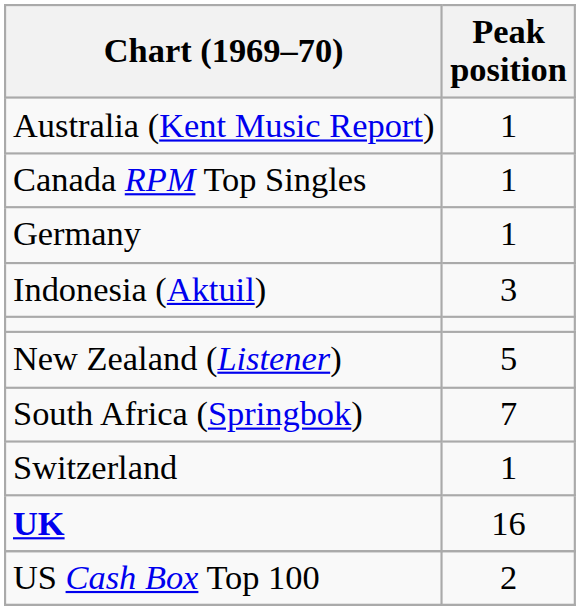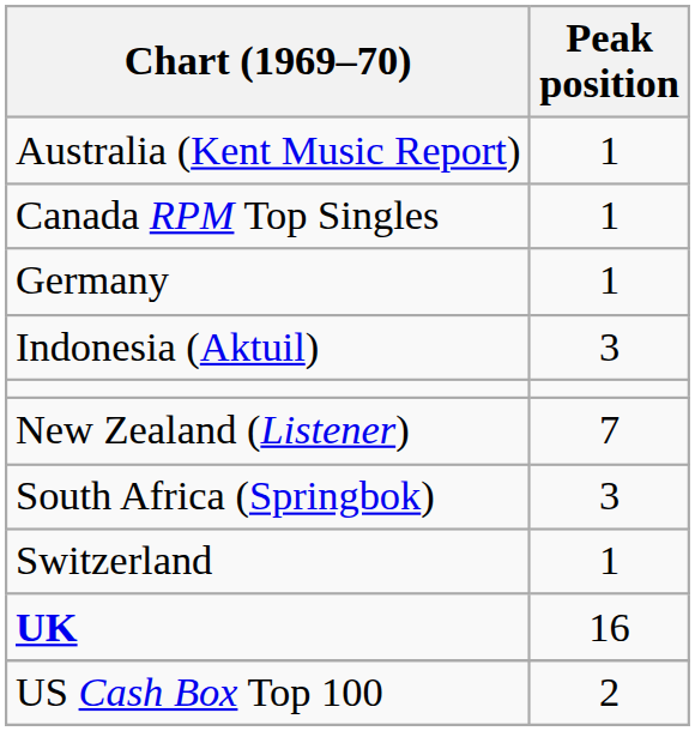 <table class="wikitable sortable">
 <tr>
 <th>Chart (1969–70)</th>
 <th>Peak<br>position</th>
 </tr>
 <tr>
 <td>Australia (<a href='#'>Kent Music Report</a>)</td>
 <td style="text-align:center;">1</td>
 </tr>
 <tr>
 <td>Canada <em><a href='#'>RPM</a></em> Top Singles</td>
 <td style="text-align:center;">1</td>
 </tr>
 <tr>
 <td>Germany</td>
 <td style="text-align:center;">1</td>
 </tr>
 <tr>
 <td>Indonesia (<a href='#'>Aktuil</a>)</td>
 <td style="text-align:center;">3</td>
 </tr>
 <tr>
 <td></td>
 </tr>
 <tr>
 <td>New Zealand (<em><a href='#'>Listener</a></em>)</td>
-<td style="text-align:center;">5</td>
+<td style="text-align:center;">7</td>
 </tr>
 <tr>
 <td>South Africa (<a href='#'>Springbok</a>)</td>
-<td align="center">7</td>
+<td align="center">3</td>
 </tr>
 <tr>
 <td>Switzerland</td>
 <td style="text-align:center;">1</td>
 </tr>
 <tr>
 <td><strong><a href='#'>UK</a></strong></td>
 <td style="text-align:center;">16</td>
 </tr>
 <tr>
 </tr>
 <tr>
 </tr>
 <tr>
 <td>US <a href='#'><em>Cash Box</em></a> Top 100</td>
 <td align="center">2</td>
 </tr>
 <tr>
 </tr>
 </table>
